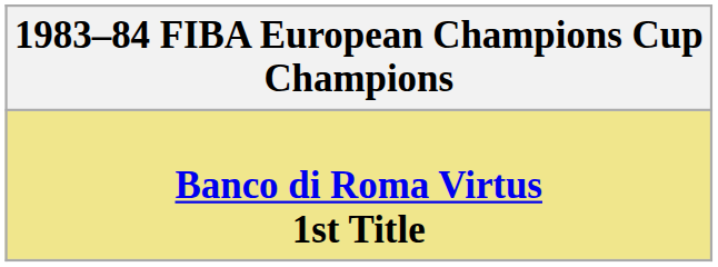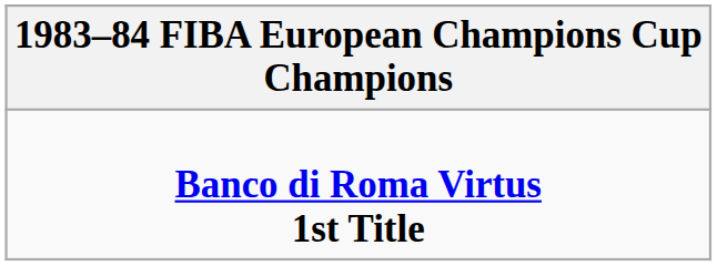 <table class=wikitable style="text-align:center; margin:auto">
 <tr>
 <th>1983–84 FIBA European Champions Cup<br>Champions</th>
 </tr>
 <tr>
-<td style="background: khaki;"> <br> <strong><a href='#'>Banco di Roma Virtus</a></strong> <br> <strong>1st Title</strong></td>
+<td> <br> <strong><a href='#'>Banco di Roma Virtus</a></strong> <br> <strong>1st Title</strong></td>
 </tr>
 </table>
